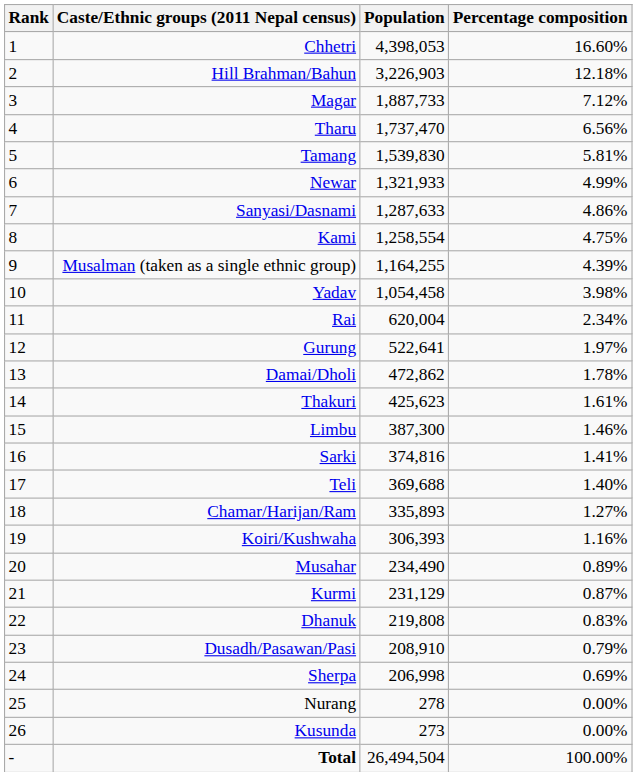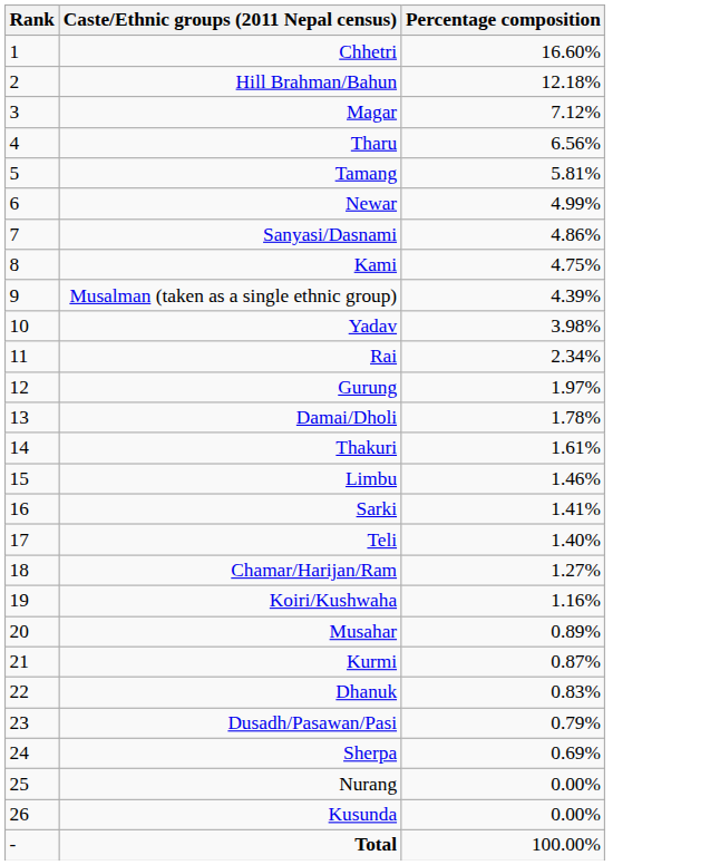 <table class="sortable wikitable" style="text-align: right;">
 <tr>
 <th style="text-align:left">Rank</th>
 <th>Caste/Ethnic groups (2011 Nepal census)</th>
-<th>Population</th>
 <th>Percentage composition</th>
 </tr>
 <tr>
 <td style="text-align:left">1</td>
 <td><a href='#'>Chhetri</a></td>
-<td>4,398,053</td>
 <td>16.60%</td>
 </tr>
 <tr>
 <td style="text-align:left">2</td>
 <td><a href='#'>Hill Brahman/Bahun</a></td>
-<td>3,226,903</td>
 <td>12.18%</td>
 </tr>
 <tr>
 <td style="text-align:left">3</td>
 <td><a href='#'>Magar</a></td>
-<td>1,887,733</td>
 <td>7.12%</td>
 </tr>
 <tr>
 <td style="text-align:left">4</td>
 <td><a href='#'>Tharu</a></td>
-<td>1,737,470</td>
 <td>6.56%</td>
 </tr>
 <tr>
 <td style="text-align:left">5</td>
 <td><a href='#'>Tamang</a></td>
-<td>1,539,830</td>
 <td>5.81%</td>
 </tr>
 <tr>
 <td style="text-align:left">6</td>
 <td><a href='#'>Newar</a></td>
-<td>1,321,933</td>
 <td>4.99%</td>
 </tr>
 <tr>
 <td style="text-align:left">7</td>
 <td><a href='#'>Sanyasi/Dasnami</a></td>
-<td>1,287,633</td>
 <td>4.86%</td>
 </tr>
 <tr>
 <td style="text-align:left">8</td>
 <td><a href='#'>Kami</a></td>
-<td>1,258,554</td>
 <td>4.75%</td>
 </tr>
 <tr>
 <td style="text-align:left">9</td>
 <td><a href='#'>Musalman</a> (taken as a single ethnic group)</td>
-<td>1,164,255</td>
 <td>4.39%</td>
 </tr>
 <tr>
 <td style="text-align:left">10</td>
 <td><a href='#'>Yadav</a></td>
-<td>1,054,458</td>
 <td>3.98%</td>
 </tr>
 <tr>
 <td style="text-align:left">11</td>
 <td><a href='#'> Rai</a></td>
-<td>620,004</td>
 <td>2.34%</td>
 </tr>
 <tr>
 <td style="text-align:left">12</td>
 <td><a href='#'>Gurung</a></td>
-<td>522,641</td>
 <td>1.97%</td>
 </tr>
 <tr>
 <td style="text-align:left">13</td>
 <td><a href='#'>Damai/Dholi</a></td>
-<td>472,862</td>
 <td>1.78%</td>
 </tr>
 <tr>
 <td style="text-align:left">14</td>
 <td><a href='#'>Thakuri</a></td>
-<td>425,623</td>
 <td>1.61%</td>
 </tr>
 <tr>
 <td style="text-align:left">15</td>
 <td><a href='#'>Limbu</a></td>
-<td>387,300</td>
 <td>1.46%</td>
 </tr>
 <tr>
 <td style="text-align:left">16</td>
 <td><a href='#'>Sarki</a></td>
-<td>374,816</td>
 <td>1.41%</td>
 </tr>
 <tr>
 <td style="text-align:left">17</td>
 <td><a href='#'>Teli</a></td>
-<td>369,688</td>
 <td>1.40%</td>
 </tr>
 <tr>
 <td style="text-align:left">18</td>
 <td><a href='#'>Chamar/Harijan/Ram</a></td>
-<td>335,893</td>
 <td>1.27%</td>
 </tr>
 <tr>
 <td style="text-align:left">19</td>
 <td><a href='#'>Koiri/Kushwaha</a></td>
-<td>306,393</td>
 <td>1.16%</td>
 </tr>
 <tr>
 <td style="text-align:left">20</td>
 <td><a href='#'>Musahar</a></td>
-<td>234,490</td>
 <td>0.89%</td>
 </tr>
 <tr>
 <td style="text-align:left">21</td>
 <td><a href='#'>Kurmi</a></td>
-<td>231,129</td>
 <td>0.87%</td>
 </tr>
 <tr>
 <td style="text-align:left">22</td>
 <td><a href='#'>Dhanuk</a></td>
-<td>219,808</td>
 <td>0.83%</td>
 </tr>
 <tr>
 <td style="text-align:left">23</td>
 <td><a href='#'>Dusadh/Pasawan/Pasi</a></td>
-<td>208,910</td>
 <td>0.79%</td>
 </tr>
 <tr>
 <td style="text-align:left">24</td>
 <td><a href='#'>Sherpa</a></td>
-<td>206,998</td>
 <td>0.69%</td>
 </tr>
 <tr>
 <td style="text-align:left">25</td>
 <td>Nurang</td>
-<td>278</td>
 <td>0.00%</td>
 </tr>
 <tr>
 <td style="text-align:left">26</td>
 <td><a href='#'>Kusunda</a></td>
-<td>273</td>
 <td>0.00%</td>
 </tr>
 <tr>
 <td style="text-align:left">-</td>
 <td><strong>Total</strong></td>
-<td>26,494,504</td>
 <td>100.00%</td>
 </tr>
 </table>
